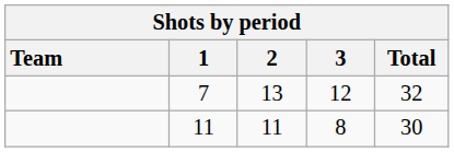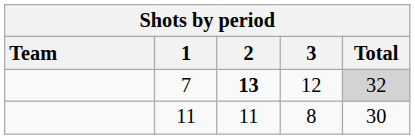 <table class="wikitable" style="width:20em">
 <tr>
 <th colspan="6">Shots by period</th>
 </tr>
 <tr>
 <th style="width:8em; text-align:left;">Team</th>
 <th style="width:3em;">1</th>
 <th style="width:3em;">2</th>
 <th style="width:3em;">3</th>
 <th style="width:3em;">Total</th>
 </tr>
 <tr style="text-align:center;">
 <td style="text-align:left;"></td>
 <td>7</td>
-<td>13</td>
+<td><strong>13</strong></td>
 <td>12</td>
-<td>32</td>
+<td style="background: lightgrey;">32</td>
 </tr>
 <tr style="text-align:center;">
 <td style="text-align:left;"></td>
 <td>11</td>
 <td>11</td>
 <td>8</td>
 <td>30</td>
 </tr>
 </table>
